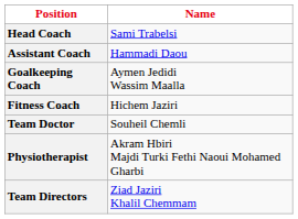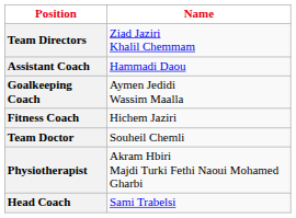 <table class="wikitable plainrowheaders" style="font-size:99%; text-align:left;" width="30%">
 <tr>
 <th style="background:#FFFFFF; color:#E70013; ">Position</th>
 <th style="background:#FFFFFF; color:#E70013; ">Name</th>
 </tr>
 <tr>
-<th scope="row" style="text-align: left;">Head Coach</th>
-<td> <a href='#'>Sami Trabelsi</a></td>
+<th scope="row" style="text-align: left;">Team Directors</th>
+<td> <a href='#'>Ziad Jaziri</a><br> <a href='#'>Khalil Chemmam</a></td>
 </tr>
 <tr>
 <th scope="row" style="text-align: left;">Assistant Coach</th>
 <td> <a href='#'>Hammadi Daou</a></td>
 </tr>
 <tr>
 <th scope="row" style="text-align: left;">Goalkeeping Coach</th>
 <td> Aymen Jedidi<br> Wassim Maalla</td>
 </tr>
 <tr>
 <th scope="row" style="text-align: left;">Fitness Coach</th>
 <td> Hichem Jaziri</td>
 </tr>
 <tr>
 <th scope="row" style="text-align: left;">Team Doctor</th>
 <td> Souheil Chemli</td>
 </tr>
 <tr>
 <th scope="row" style="text-align: left;">Physiotherapist</th>
 <td> Akram Hbiri<br> Majdi Turki Fethi Naoui Mohamed Gharbi</td>
 </tr>
 <tr>
-<th scope="row" style="text-align: left;">Team Directors</th>
-<td> <a href='#'>Ziad Jaziri</a><br> <a href='#'>Khalil Chemmam</a></td>
+<th scope="row" style="text-align: left;">Head Coach</th>
+<td> <a href='#'>Sami Trabelsi</a></td>
 </tr>
 </table>
